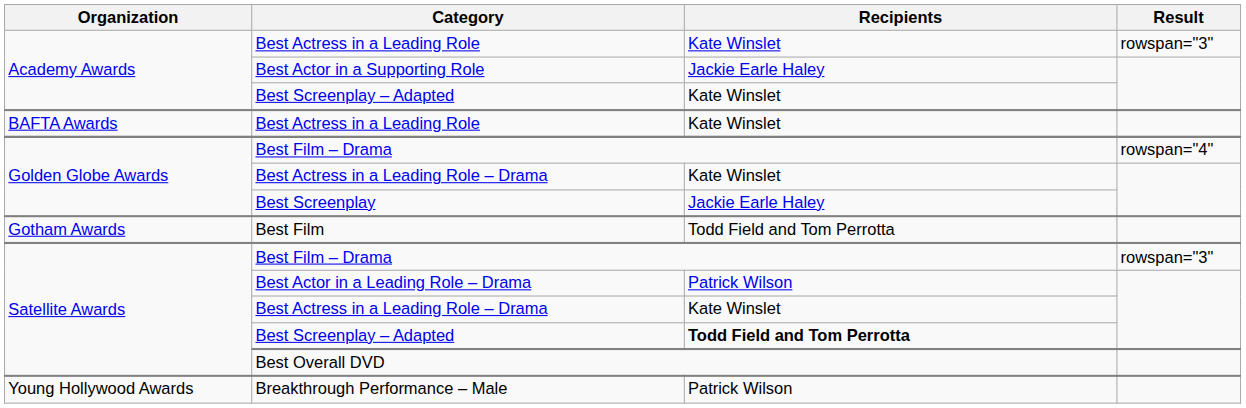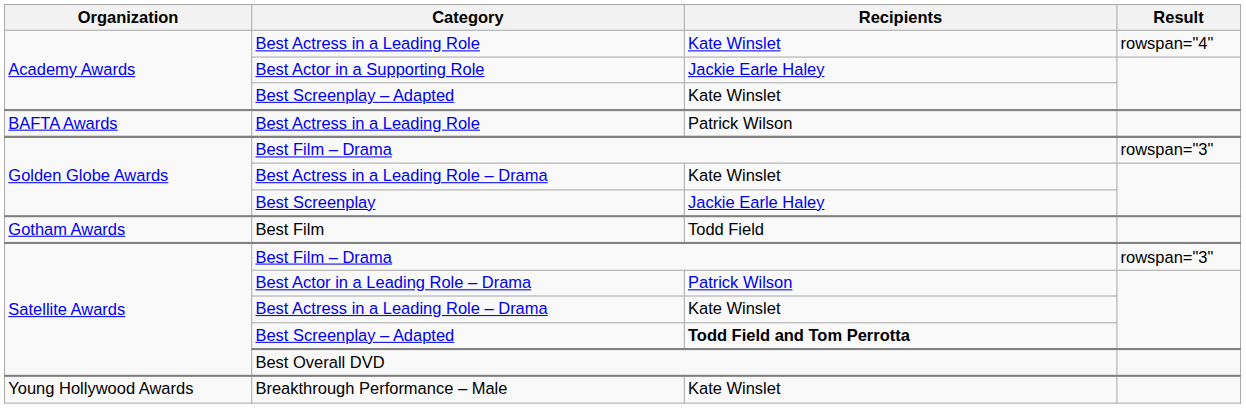 <table class="wikitable" width="95%" cellpadding="5">
 <tr>
 <th width="20%">Organization</th>
 <th width="35%">Category</th>
 <th width="35%">Recipients</th>
 <th width="10%">Result</th>
 </tr>
 <tr>
 <td rowspan="3"><a href='#'>Academy Awards</a></td>
 <td><a href='#'>Best Actress in a Leading Role</a></td>
 <td><a href='#'>Kate Winslet</a></td>
-<td>rowspan="3" </td>
+<td>rowspan="4" </td>
 </tr>
 <tr>
 <td><a href='#'>Best Actor in a Supporting Role</a></td>
 <td><a href='#'>Jackie Earle Haley</a></td>
 </tr>
 <tr>
 <td><a href='#'>Best Screenplay – Adapted</a></td>
 <td>Kate Winslet</td>
 </tr>
 <tr style="border-top:2px solid gray;">
 <td><a href='#'>BAFTA Awards</a></td>
 <td><a href='#'>Best Actress in a Leading Role</a></td>
-<td>Kate Winslet</td>
+<td>Patrick Wilson</td>
 <td></td>
 </tr>
 <tr style="border-top:2px solid gray;">
 </tr>
 <tr>
 </tr>
 <tr style="border-top:2px solid gray;">
 <td rowspan="3"><a href='#'>Golden Globe Awards</a></td>
 <td colspan="2"><a href='#'>Best Film – Drama</a></td>
-<td>rowspan="4" </td>
+<td>rowspan="3" </td>
 </tr>
 <tr>
 <td><a href='#'>Best Actress in a Leading Role – Drama</a></td>
 <td>Kate Winslet</td>
 </tr>
 <tr>
 <td><a href='#'>Best Screenplay</a></td>
 <td><a href='#'>Jackie Earle Haley</a></td>
 </tr>
 <tr style="border-top:2px solid gray;">
 <td><a href='#'>Gotham Awards</a></td>
 <td>Best Film</td>
-<td>Todd Field and Tom Perrotta</td>
+<td>Todd Field</td>
 <td></td>
 </tr>
 <tr style="border-top:2px solid gray;">
 <td rowspan="5"><a href='#'>Satellite Awards</a></td>
 <td colspan="2"><a href='#'>Best Film – Drama</a></td>
 <td>rowspan="3" </td>
 </tr>
 <tr>
 <td><a href='#'>Best Actor in a Leading Role – Drama</a></td>
 <td><a href='#'>Patrick Wilson</a></td>
 </tr>
 <tr>
 <td><a href='#'>Best Actress in a Leading Role – Drama</a></td>
 <td>Kate Winslet</td>
 </tr>
 <tr>
 <td><a href='#'>Best Screenplay – Adapted</a></td>
 <td><strong>Todd Field and Tom Perrotta</strong></td>
 </tr>
 <tr style="border-top:2px solid gray;">
 <td colspan="2">Best Overall DVD</td>
 <td></td>
 </tr>
 <tr style="border-top:2px solid gray;">
 <td>Young Hollywood Awards</td>
 <td>Breakthrough Performance – Male</td>
-<td>Patrick Wilson</td>
+<td>Kate Winslet</td>
 <td></td>
 </tr>
 </table>
